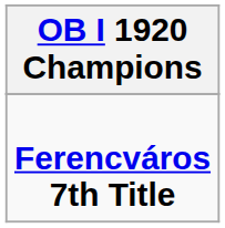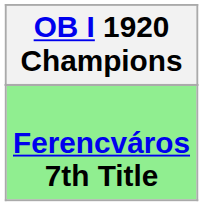 <table class="wikitable" style="text-align: center; margin: 0 auto;">
 <tr>
 <th><a href='#'>OB I</a> 1920<br>Champions</th>
 </tr>
 <tr>
 </tr>
 <tr>
-<td> <br><strong><a href='#'>Ferencváros</a></strong><br><strong>7th Title</strong></td>
+<td style="background: lightgreen;"> <br><strong><a href='#'>Ferencváros</a></strong><br><strong>7th Title</strong></td>
 </tr>
 </table>
